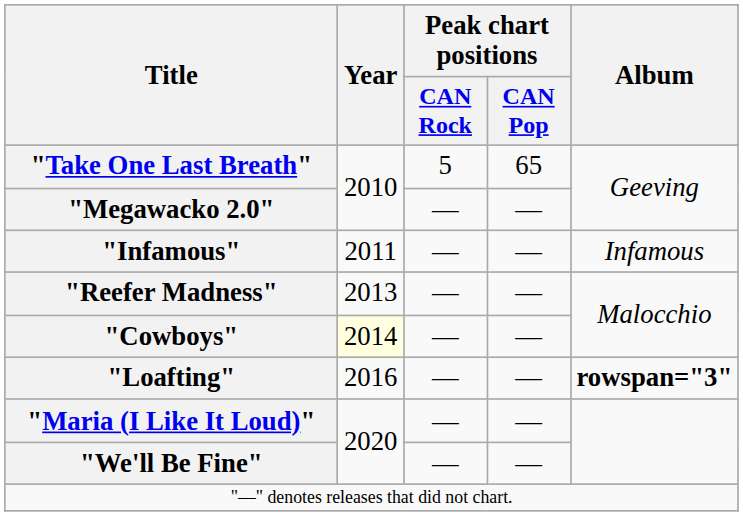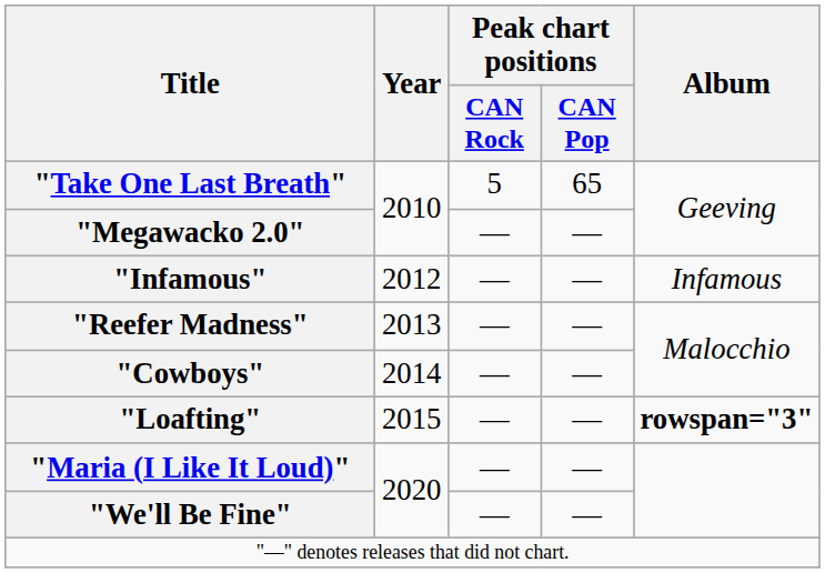 <table class="wikitable plainrowheaders" style="text-align:center;" border="1">
 <tr>
 <th rowspan="2" style="width:12em;">Title</th>
 <th rowspan="2">Year</th>
 <th colspan="2">Peak chart positions</th>
 <th rowspan="2">Album</th>
 </tr>
 <tr>
 <th scope="col" style="width:3em;font-size:90%;"><a href='#'>CAN Rock</a><br></th>
 <th scope="col" style="width:3em;font-size:90%;"><a href='#'>CAN<br>Pop</a><br></th>
 </tr>
 <tr>
 <th scope="row">"<a href='#'>Take One Last Breath</a>"</th>
 <td rowspan="2">2010</td>
 <td>5</td>
 <td>65</td>
 <td rowspan="2"><em>Geeving</em></td>
 </tr>
 <tr>
 <th scope="row">"Megawacko 2.0"</th>
 <td>—</td>
 <td>—</td>
 </tr>
 <tr>
 <th scope="row">"Infamous"</th>
-<td>2011</td>
+<td>2012</td>
 <td>—</td>
 <td>—</td>
 <td><em>Infamous</em></td>
 </tr>
 <tr>
 <th scope="row">"Reefer Madness"</th>
 <td>2013</td>
 <td>—</td>
 <td>—</td>
 <td rowspan="2"><em>Malocchio</em></td>
 </tr>
 <tr>
 <th scope="row">"Cowboys"</th>
-<td style="background: lightyellow;">2014</td>
+<td>2014</td>
 <td>—</td>
 <td>—</td>
 </tr>
 <tr>
 <th scope="row">"Loafting"</th>
-<td>2016</td>
+<td>2015</td>
 <td>—</td>
 <td>—</td>
 <td><strong>rowspan="3" </strong></td>
 </tr>
 <tr>
 <th scope="row">"<a href='#'>Maria (I Like It Loud)</a>"</th>
 <td rowspan="2">2020</td>
 <td>—</td>
 <td>—</td>
 </tr>
 <tr>
 <th scope="row">"We'll Be Fine"</th>
 <td>—</td>
 <td>—</td>
 </tr>
 <tr>
 <td colspan="10" style="font-size:8pt">"—" denotes releases that did not chart.</td>
 </tr>
 </table>
